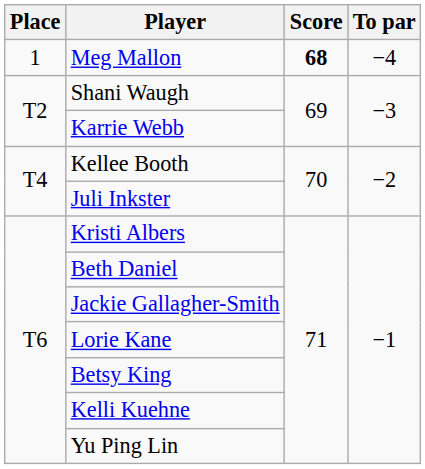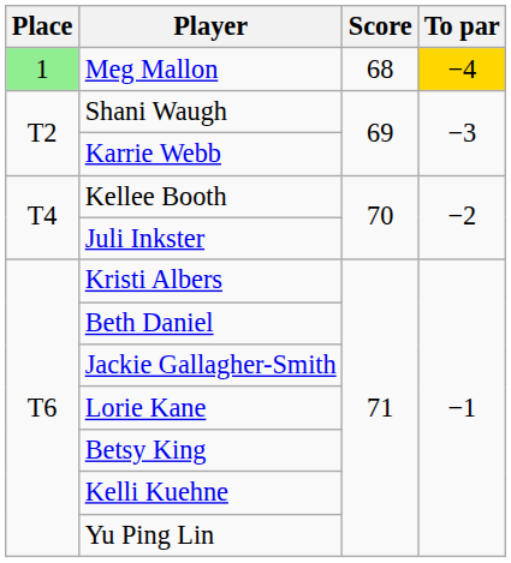 <table class=wikitable style="text-align:center">
 <tr>
 <th>Place</th>
 <th>Player</th>
 <th>Score</th>
 <th>To par</th>
 </tr>
 <tr>
-<td>1</td>
+<td style="background: lightgreen;">1</td>
 <td align=left> <a href='#'>Meg Mallon</a></td>
-<td><strong>68</strong></td>
-<td>−4</td>
+<td>68</td>
+<td style="background: gold;">−4</td>
 </tr>
 <tr>
 <td rowspan=2>T2</td>
 <td align=left> Shani Waugh</td>
 <td rowspan=2>69</td>
 <td rowspan=2>−3</td>
 </tr>
 <tr>
 <td align=left> <a href='#'>Karrie Webb</a></td>
 </tr>
 <tr>
 <td rowspan=2>T4</td>
 <td align=left> Kellee Booth</td>
 <td rowspan=2>70</td>
 <td rowspan=2>−2</td>
 </tr>
 <tr>
 <td align=left> <a href='#'>Juli Inkster</a></td>
 </tr>
 <tr>
 <td rowspan=7>T6</td>
 <td align=left> <a href='#'>Kristi Albers</a></td>
 <td rowspan=7>71</td>
 <td rowspan=7>−1</td>
 </tr>
 <tr>
 <td align=left> <a href='#'>Beth Daniel</a></td>
 </tr>
 <tr>
 <td align=left> <a href='#'>Jackie Gallagher-Smith</a></td>
 </tr>
 <tr>
 <td align=left> <a href='#'>Lorie Kane</a></td>
 </tr>
 <tr>
 <td align=left> <a href='#'>Betsy King</a></td>
 </tr>
 <tr>
 <td align=left> <a href='#'>Kelli Kuehne</a></td>
 </tr>
 <tr>
 <td align=left> Yu Ping Lin</td>
 </tr>
 </table>
